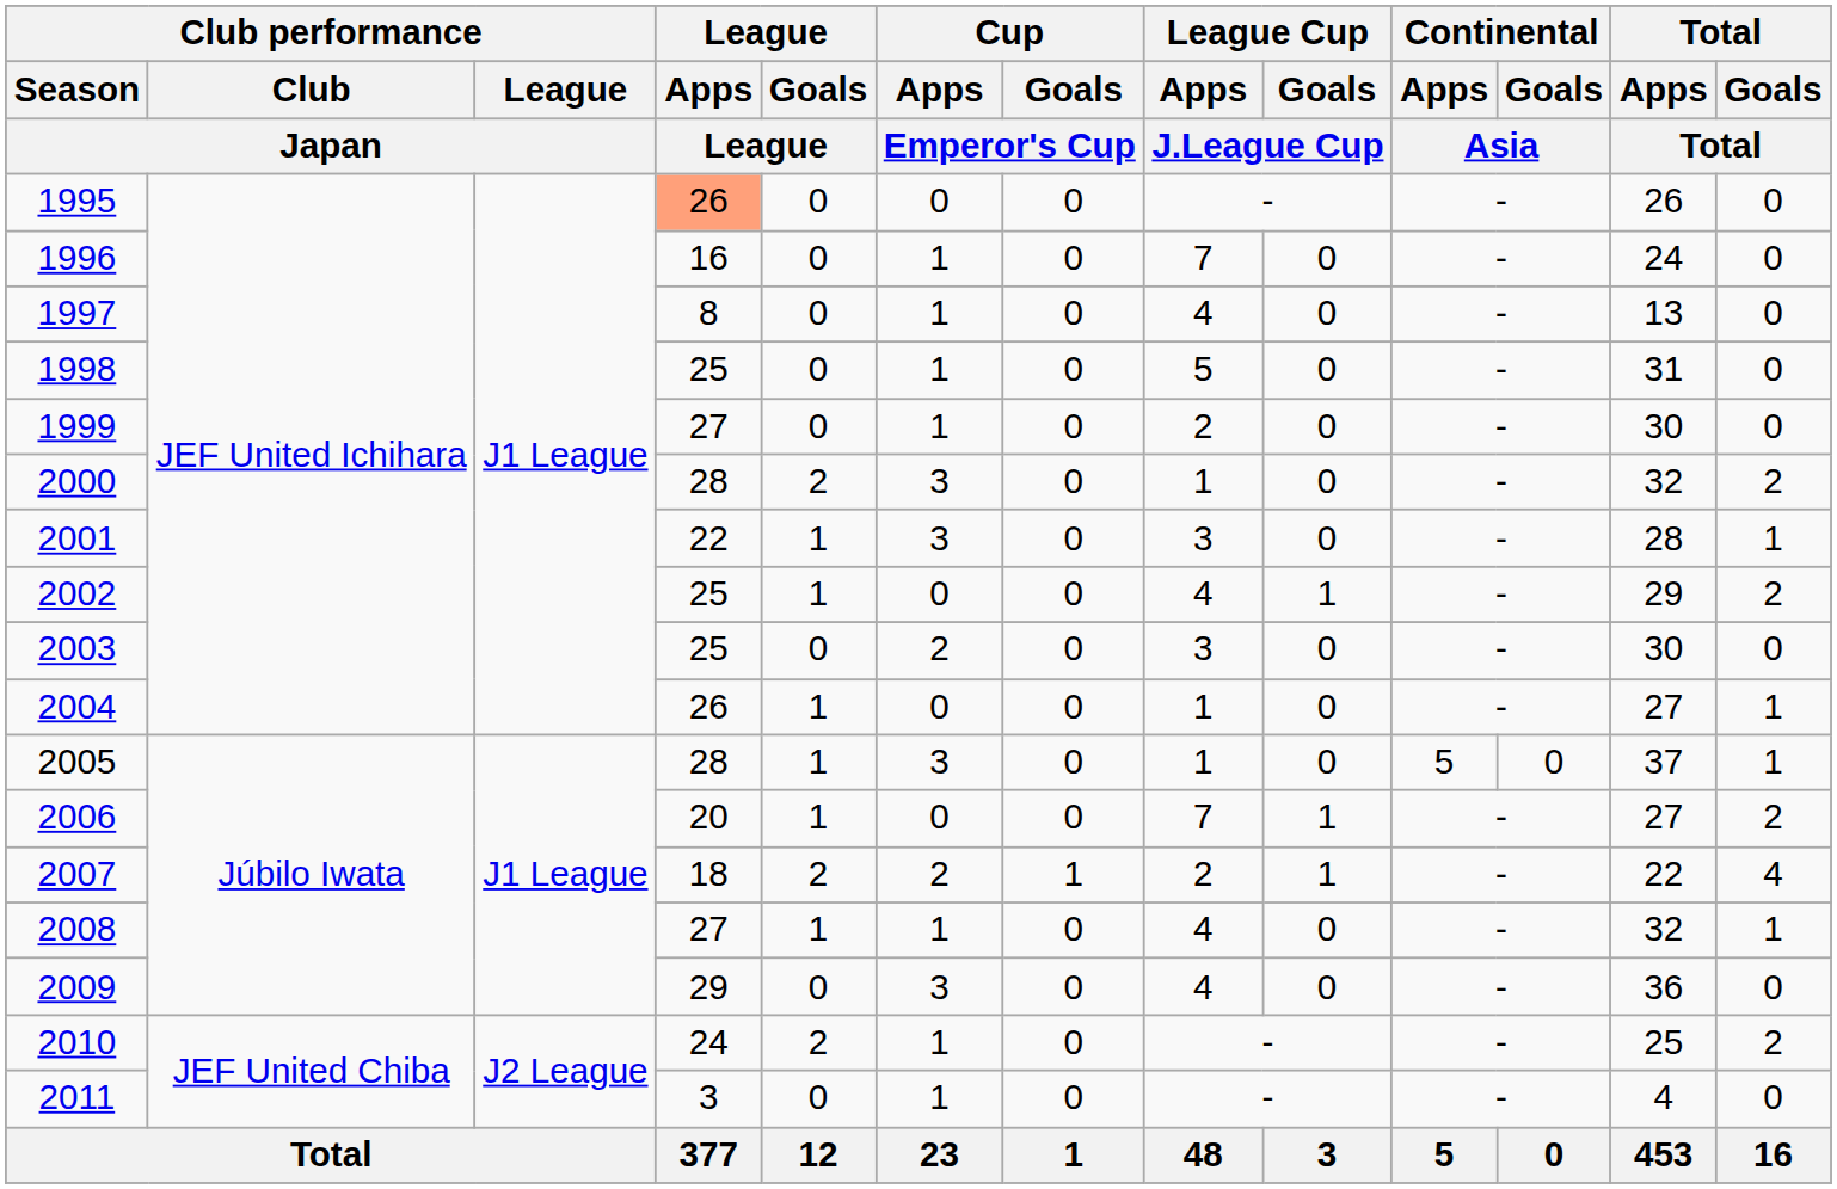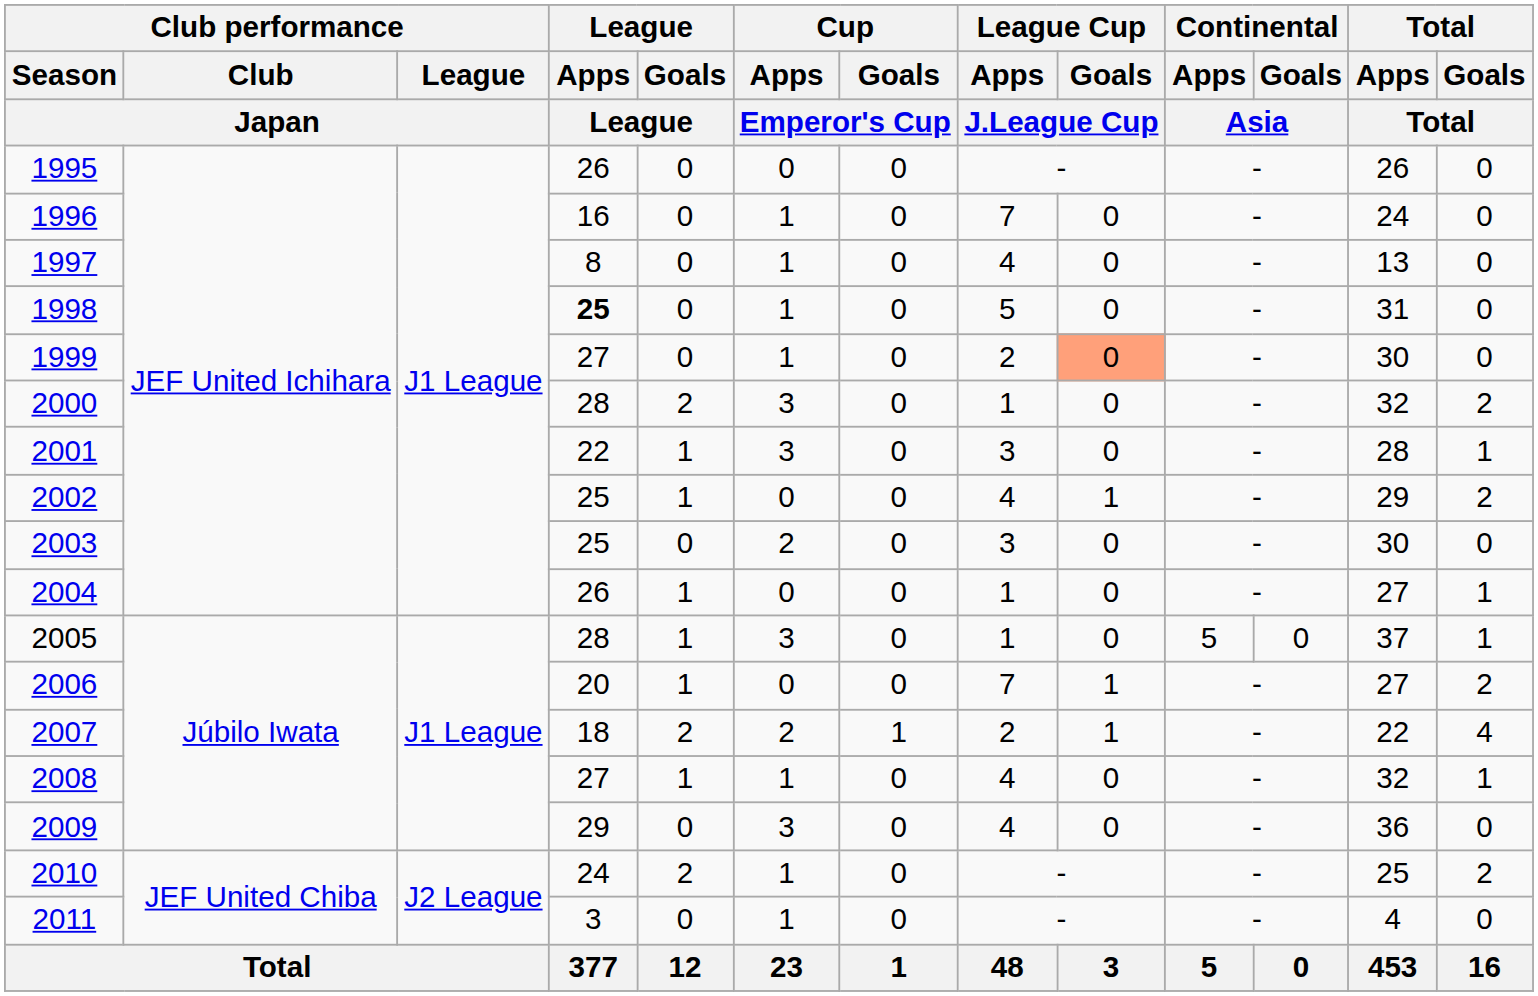 <table class="wikitable" style="text-align:center;">
 <tr>
 <th colspan=3>Club performance</th>
 <th colspan=2>League</th>
 <th colspan=2>Cup</th>
 <th colspan=2>League Cup</th>
 <th colspan=2>Continental</th>
 <th colspan=2>Total</th>
 </tr>
 <tr>
 <th>Season</th>
 <th>Club</th>
 <th>League</th>
 <th>Apps</th>
 <th>Goals</th>
 <th>Apps</th>
 <th>Goals</th>
 <th>Apps</th>
 <th>Goals</th>
 <th>Apps</th>
 <th>Goals</th>
 <th>Apps</th>
 <th>Goals</th>
 </tr>
 <tr>
 <th colspan=3>Japan</th>
 <th colspan=2>League</th>
 <th colspan=2><a href='#'>Emperor's Cup</a></th>
 <th colspan=2><a href='#'>J.League Cup</a></th>
 <th colspan=2><a href='#'>Asia</a></th>
 <th colspan=2>Total</th>
 </tr>
 <tr>
 <td><a href='#'>1995</a></td>
 <td rowspan="10"><a href='#'>JEF United Ichihara</a></td>
 <td rowspan="10"><a href='#'>J1 League</a></td>
-<td style="background: lightsalmon;">26</td>
+<td>26</td>
 <td>0</td>
 <td>0</td>
 <td>0</td>
 <td colspan="2">-</td>
 <td colspan="2">-</td>
 <td>26</td>
 <td>0</td>
 </tr>
 <tr>
 <td><a href='#'>1996</a></td>
 <td>16</td>
 <td>0</td>
 <td>1</td>
 <td>0</td>
 <td>7</td>
 <td>0</td>
 <td colspan="2">-</td>
 <td>24</td>
 <td>0</td>
 </tr>
 <tr>
 <td><a href='#'>1997</a></td>
 <td>8</td>
 <td>0</td>
 <td>1</td>
 <td>0</td>
 <td>4</td>
 <td>0</td>
 <td colspan="2">-</td>
 <td>13</td>
 <td>0</td>
 </tr>
 <tr>
 <td><a href='#'>1998</a></td>
-<td>25</td>
+<td><strong>25</strong></td>
 <td>0</td>
 <td>1</td>
 <td>0</td>
 <td>5</td>
 <td>0</td>
 <td colspan="2">-</td>
 <td>31</td>
 <td>0</td>
 </tr>
 <tr>
 <td><a href='#'>1999</a></td>
 <td>27</td>
 <td>0</td>
 <td>1</td>
 <td>0</td>
 <td>2</td>
-<td>0</td>
+<td style="background: lightsalmon;">0</td>
 <td colspan="2">-</td>
 <td>30</td>
 <td>0</td>
 </tr>
 <tr>
 <td><a href='#'>2000</a></td>
 <td>28</td>
 <td>2</td>
 <td>3</td>
 <td>0</td>
 <td>1</td>
 <td>0</td>
 <td colspan="2">-</td>
 <td>32</td>
 <td>2</td>
 </tr>
 <tr>
 <td><a href='#'>2001</a></td>
 <td>22</td>
 <td>1</td>
 <td>3</td>
 <td>0</td>
 <td>3</td>
 <td>0</td>
 <td colspan="2">-</td>
 <td>28</td>
 <td>1</td>
 </tr>
 <tr>
 <td><a href='#'>2002</a></td>
 <td>25</td>
 <td>1</td>
 <td>0</td>
 <td>0</td>
 <td>4</td>
 <td>1</td>
 <td colspan="2">-</td>
 <td>29</td>
 <td>2</td>
 </tr>
 <tr>
 <td><a href='#'>2003</a></td>
 <td>25</td>
 <td>0</td>
 <td>2</td>
 <td>0</td>
 <td>3</td>
 <td>0</td>
 <td colspan="2">-</td>
 <td>30</td>
 <td>0</td>
 </tr>
 <tr>
 <td><a href='#'>2004</a></td>
 <td>26</td>
 <td>1</td>
 <td>0</td>
 <td>0</td>
 <td>1</td>
 <td>0</td>
 <td colspan="2">-</td>
 <td>27</td>
 <td>1</td>
 </tr>
 <tr>
 <td>2005</td>
 <td rowspan="5"><a href='#'>Júbilo Iwata</a></td>
 <td rowspan="5"><a href='#'>J1 League</a></td>
 <td>28</td>
 <td>1</td>
 <td>3</td>
 <td>0</td>
 <td>1</td>
 <td>0</td>
 <td>5</td>
 <td>0</td>
 <td>37</td>
 <td>1</td>
 </tr>
 <tr>
 <td><a href='#'>2006</a></td>
 <td>20</td>
 <td>1</td>
 <td>0</td>
 <td>0</td>
 <td>7</td>
 <td>1</td>
 <td colspan="2">-</td>
 <td>27</td>
 <td>2</td>
 </tr>
 <tr>
 <td><a href='#'>2007</a></td>
 <td>18</td>
 <td>2</td>
 <td>2</td>
 <td>1</td>
 <td>2</td>
 <td>1</td>
 <td colspan="2">-</td>
 <td>22</td>
 <td>4</td>
 </tr>
 <tr>
 <td><a href='#'>2008</a></td>
 <td>27</td>
 <td>1</td>
 <td>1</td>
 <td>0</td>
 <td>4</td>
 <td>0</td>
 <td colspan="2">-</td>
 <td>32</td>
 <td>1</td>
 </tr>
 <tr>
 <td><a href='#'>2009</a></td>
 <td>29</td>
 <td>0</td>
 <td>3</td>
 <td>0</td>
 <td>4</td>
 <td>0</td>
 <td colspan="2">-</td>
 <td>36</td>
 <td>0</td>
 </tr>
 <tr>
 <td><a href='#'>2010</a></td>
 <td rowspan="2"><a href='#'>JEF United Chiba</a></td>
 <td rowspan="2"><a href='#'>J2 League</a></td>
 <td>24</td>
 <td>2</td>
 <td>1</td>
 <td>0</td>
 <td colspan="2">-</td>
 <td colspan="2">-</td>
 <td>25</td>
 <td>2</td>
 </tr>
 <tr>
 <td><a href='#'>2011</a></td>
 <td>3</td>
 <td>0</td>
 <td>1</td>
 <td>0</td>
 <td colspan="2">-</td>
 <td colspan="2">-</td>
 <td>4</td>
 <td>0</td>
 </tr>
 <tr>
 <th colspan=3>Total</th>
 <th>377</th>
 <th>12</th>
 <th>23</th>
 <th>1</th>
 <th>48</th>
 <th>3</th>
 <th>5</th>
 <th>0</th>
 <th>453</th>
 <th>16</th>
 </tr>
 </table>
